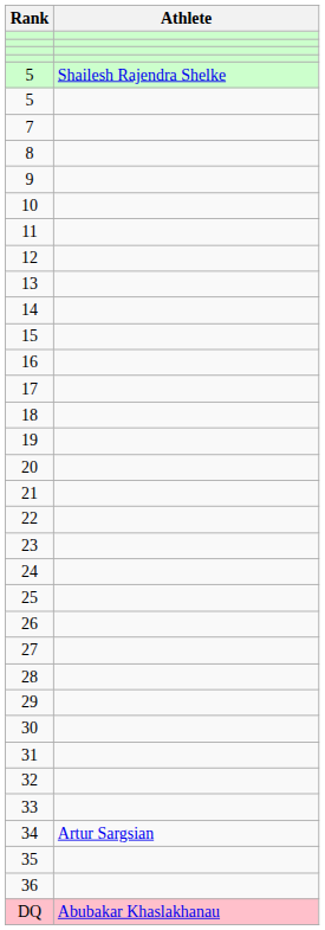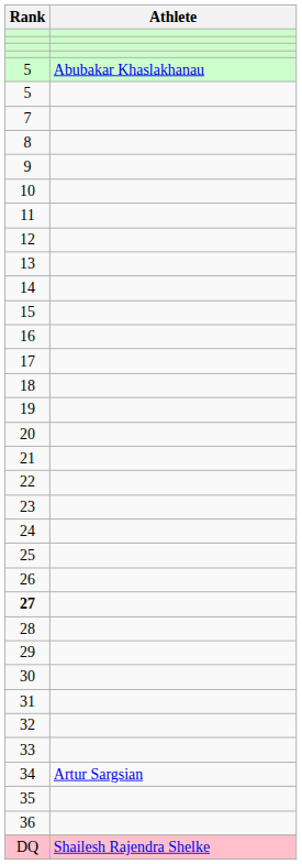 <table class="wikitable" style="text-align: center;">
 <tr>
 <th width=40>Rank</th>
 <th width=250>Athlete</th>
 </tr>
 <tr bgcolor=#ccffcc>
 <td></td>
 <td align="left"></td>
 </tr>
 <tr bgcolor=#ccffcc>
 <td></td>
 <td align="left"></td>
 </tr>
 <tr bgcolor=#ccffcc>
 <td></td>
 <td align="left"></td>
 </tr>
 <tr bgcolor=#ccffcc>
 <td></td>
 <td align="left"></td>
 </tr>
 <tr bgcolor=#ccffcc>
 <td>5</td>
-<td align="left"> <a href='#'>Shailesh Rajendra Shelke</a> </td>
+<td align="left"> <a href='#'>Abubakar Khaslakhanau</a> </td>
 </tr>
 <tr>
 <td>5</td>
 <td align="left"></td>
 </tr>
 <tr>
 <td>7</td>
 <td align="left"></td>
 </tr>
 <tr>
 <td>8</td>
 <td align="left"></td>
 </tr>
 <tr>
 <td>9</td>
 <td align="left"></td>
 </tr>
 <tr>
 <td>10</td>
 <td align="left"></td>
 </tr>
 <tr>
 <td>11</td>
 <td align="left"></td>
 </tr>
 <tr>
 <td>12</td>
 <td align="left"></td>
 </tr>
 <tr>
 <td>13</td>
 <td align="left"></td>
 </tr>
 <tr>
 <td>14</td>
 <td align="left"></td>
 </tr>
 <tr>
 <td>15</td>
 <td align="left"></td>
 </tr>
 <tr>
 <td>16</td>
 <td align="left"></td>
 </tr>
 <tr>
 <td>17</td>
 <td align="left"></td>
 </tr>
 <tr>
 <td>18</td>
 <td align="left"></td>
 </tr>
 <tr>
 <td>19</td>
 <td align="left"></td>
 </tr>
 <tr>
 <td>20</td>
 <td align="left"></td>
 </tr>
 <tr>
 <td>21</td>
 <td align="left"></td>
 </tr>
 <tr>
 <td>22</td>
 <td align="left"></td>
 </tr>
 <tr>
 <td>23</td>
 <td align="left"></td>
 </tr>
 <tr>
 <td>24</td>
 <td align="left"></td>
 </tr>
 <tr>
 <td>25</td>
 <td align="left"></td>
 </tr>
 <tr>
 <td>26</td>
 <td align="left"></td>
 </tr>
 <tr>
-<td>27</td>
+<td><strong>27</strong></td>
 <td align="left"></td>
 </tr>
 <tr>
 <td>28</td>
 <td align="left"></td>
 </tr>
 <tr>
 <td>29</td>
 <td align="left"></td>
 </tr>
 <tr>
 <td>30</td>
 <td align="left"></td>
 </tr>
 <tr>
 <td>31</td>
 <td align="left"></td>
 </tr>
 <tr>
 <td>32</td>
 <td align="left"></td>
 </tr>
 <tr>
 <td>33</td>
 <td align="left"></td>
 </tr>
 <tr>
 <td>34</td>
 <td align="left"> <a href='#'>Artur Sargsian</a> </td>
 </tr>
 <tr>
 <td>35</td>
 <td align="left"></td>
 </tr>
 <tr>
 <td>36</td>
 <td align="left"></td>
 </tr>
 <tr bgcolor=pink>
 <td>DQ</td>
-<td align="left"> <a href='#'>Abubakar Khaslakhanau</a> </td>
+<td align="left"> <a href='#'>Shailesh Rajendra Shelke</a> </td>
 </tr>
 </table>
